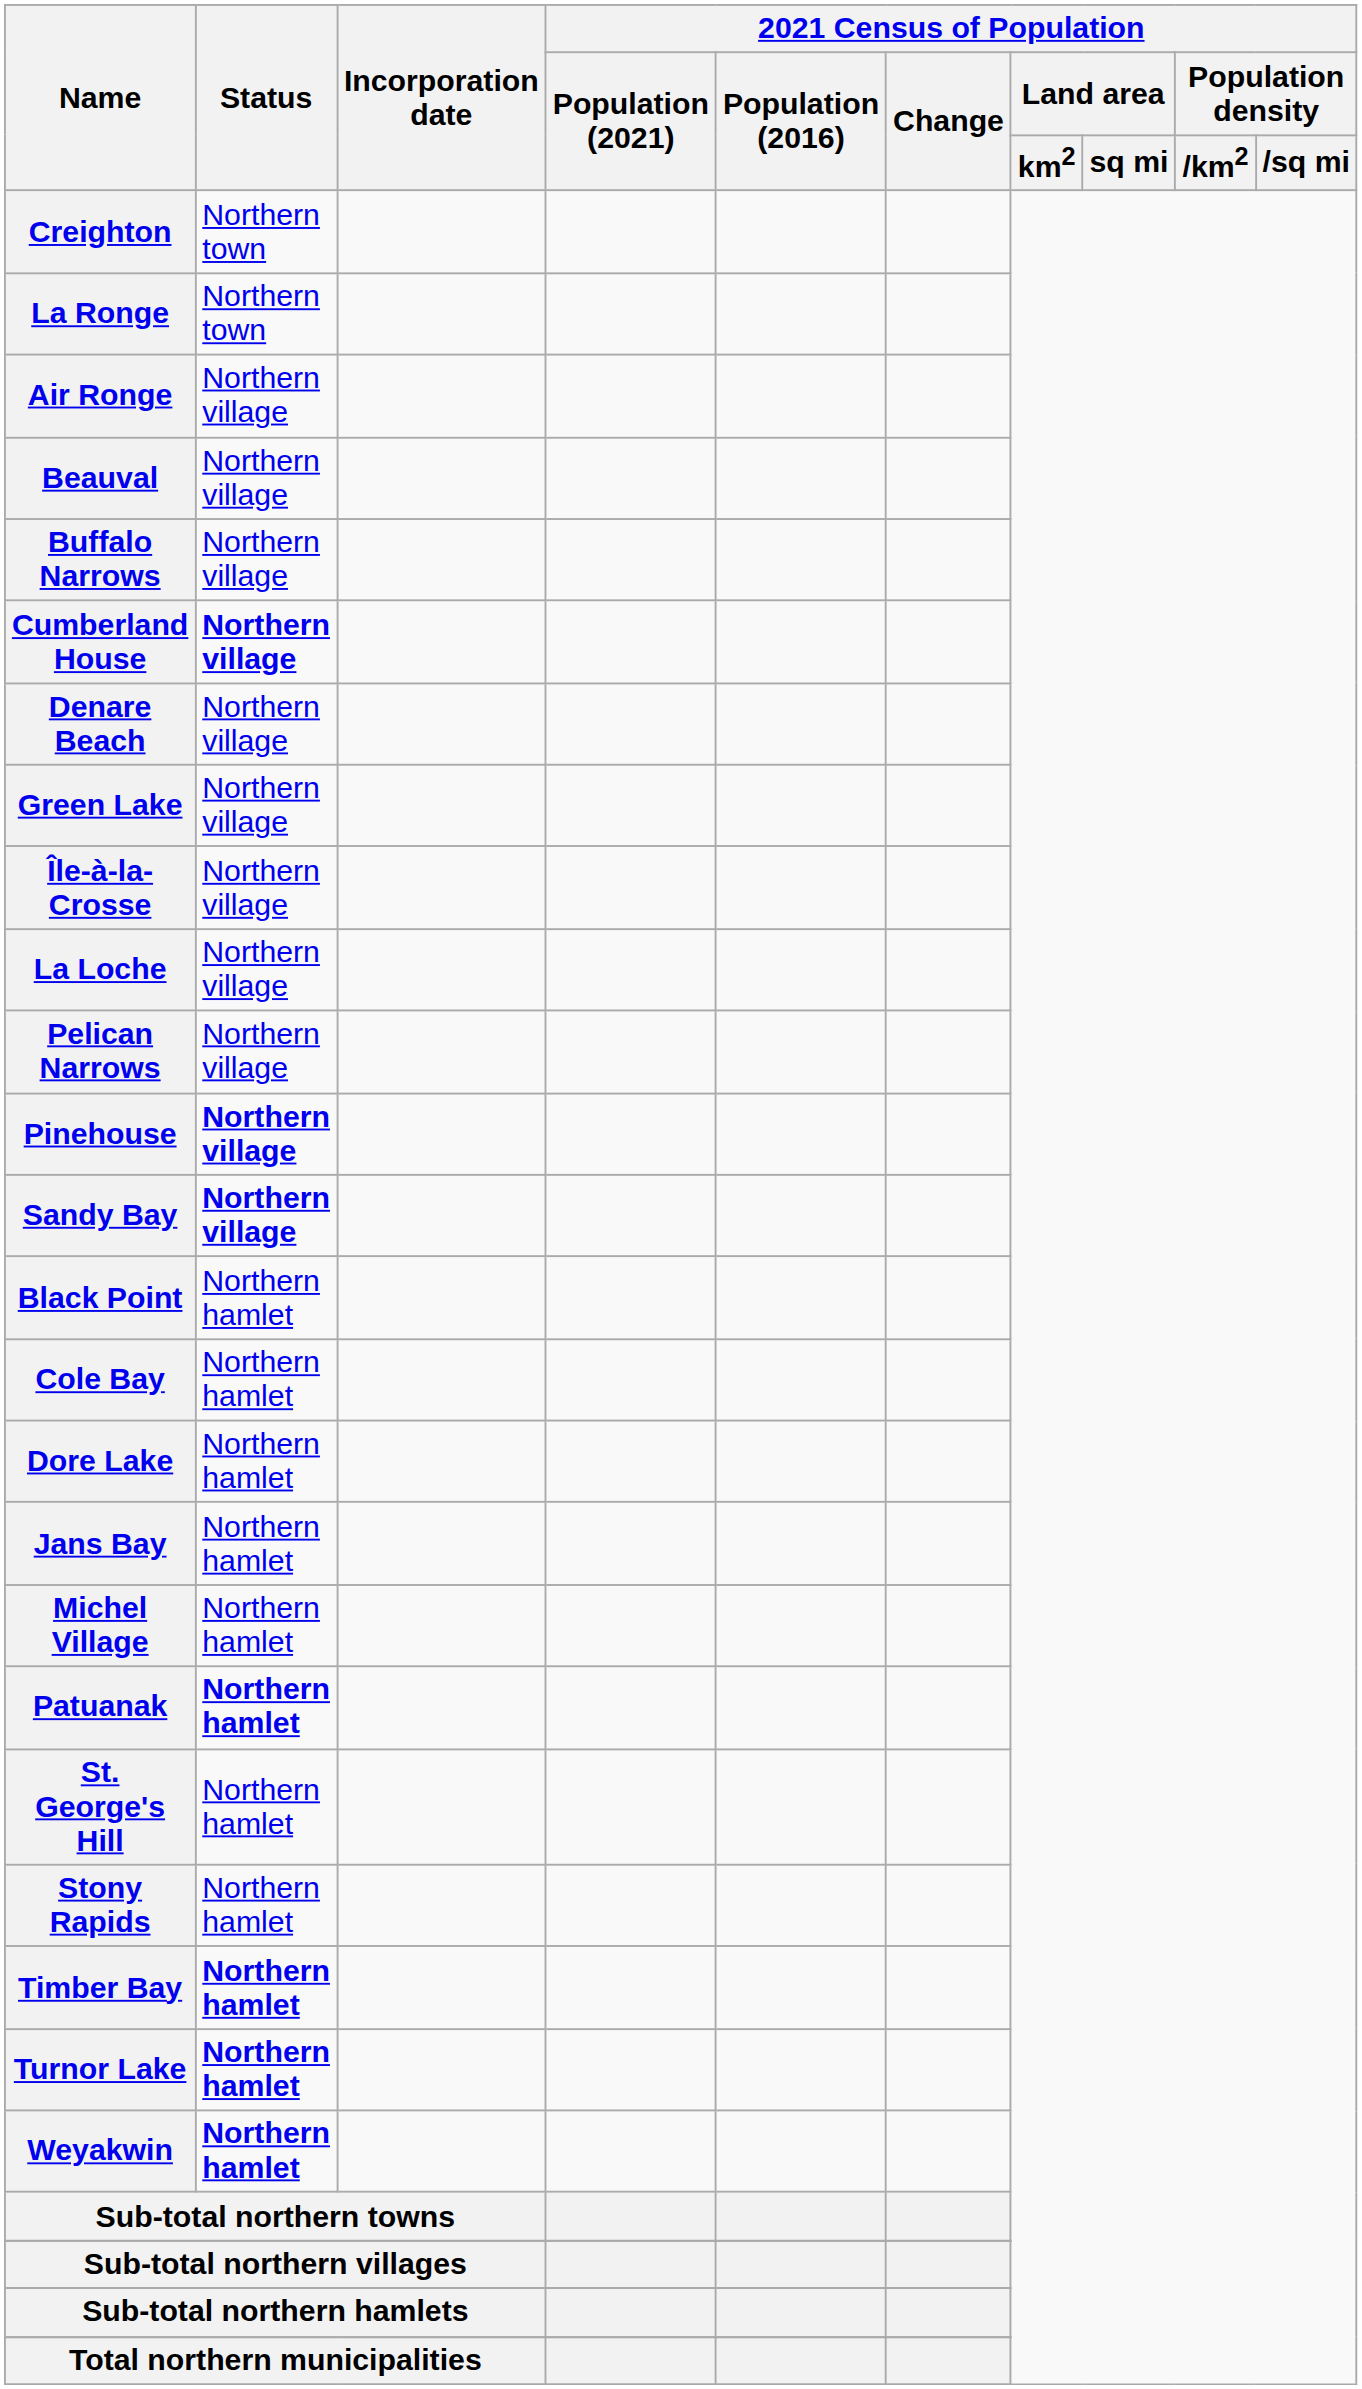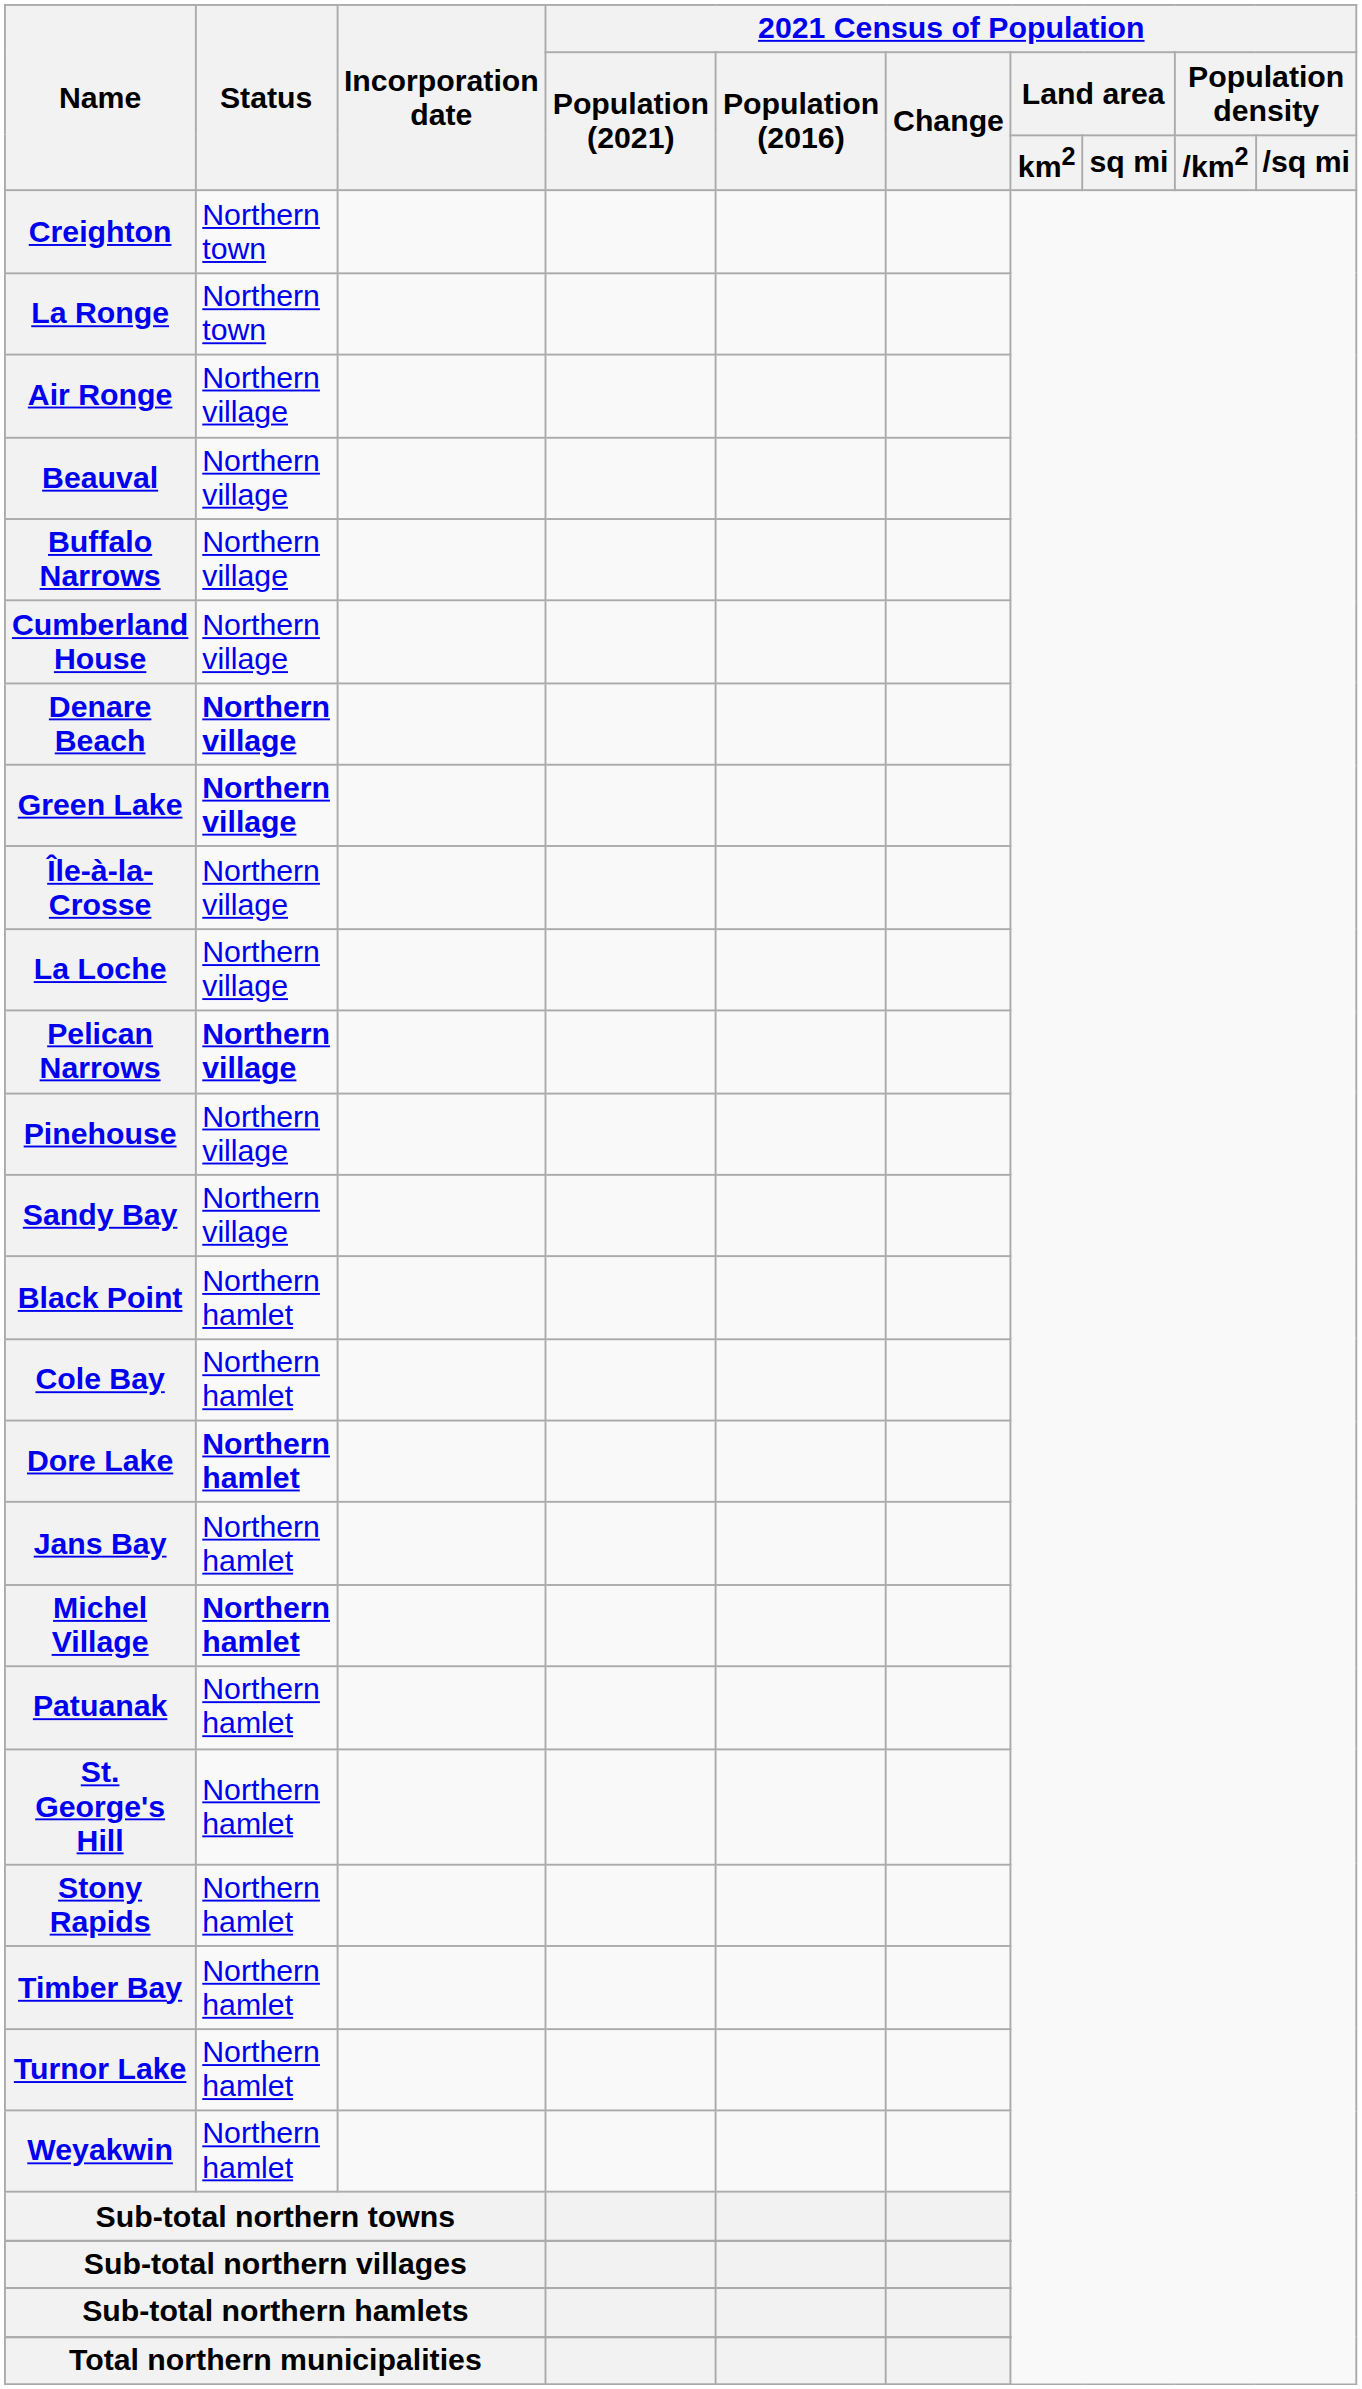 <table class="wikitable sortable sticky-header-multi" style=text-align:center" style="margin:1em auto;">
 <tr>
 <th scope="col" rowspan=3>Name</th>
 <th scope="col" rowspan=3>Status</th>
 <th scope="col" rowspan=3>Incorporation<br>date</th>
 <th scope="colgroup" colspan=7><a href='#'>2021 Census of Population</a></th>
 </tr>
 <tr>
 <th rowspan=2 scope="col" data-sort-type="number">Population<br>(2021)</th>
 <th rowspan=2 scope="col" data-sort-type="number">Population<br>(2016)</th>
 <th rowspan=2 scope="col" data-sort-type="number">Change<br></th>
 <th colspan=2 scope="col">Land area</th>
 <th colspan=2 scope="col">Population density</th>
 </tr>
 <tr>
 <th scope="col" data-sort-type="number">km<sup>2</sup></th>
 <th scope="col" data-sort-type="number">sq mi</th>
 <th scope="col" data-sort-type="number">/km<sup>2</sup></th>
 <th scope="col" data-sort-type="number">/sq mi</th>
 </tr>
 <tr>
 <th scope="row"><a href='#'>Creighton</a></th>
 <td><a href='#'>Northern town</a></td>
 <td align=center></td>
 <td></td>
 <td></td>
 <td></td>
 </tr>
 <tr>
 <th scope="row"><a href='#'>La Ronge</a></th>
 <td><a href='#'>Northern town</a></td>
 <td align=center></td>
 <td></td>
 <td></td>
 <td></td>
 </tr>
 <tr>
 <th scope="row"><a href='#'>Air Ronge</a></th>
 <td><a href='#'>Northern village</a></td>
 <td align=center></td>
 <td></td>
 <td></td>
 <td></td>
 </tr>
 <tr>
 <th scope="row"><a href='#'>Beauval</a></th>
 <td><a href='#'>Northern village</a></td>
 <td align=center></td>
 <td></td>
 <td></td>
 <td></td>
 </tr>
 <tr>
 <th scope="row"><a href='#'>Buffalo Narrows</a></th>
 <td><a href='#'>Northern village</a></td>
 <td align=center></td>
 <td></td>
 <td></td>
 <td></td>
 </tr>
 <tr>
 <th scope="row"><a href='#'>Cumberland House</a></th>
+<td><a href='#'>Northern village</a></td>
+<td align=center></td>
+<td></td>
+<td></td>
+<td></td>
+</tr>
+<tr>
+<th scope="row"><a href='#'>Denare Beach</a></th>
 <td><strong><a href='#'>Northern village</a></strong></td>
 <td align=center></td>
 <td></td>
 <td></td>
 <td></td>
 </tr>
 <tr>
-<th scope="row"><a href='#'>Denare Beach</a></th>
-<td><a href='#'>Northern village</a></td>
-<td align=center></td>
-<td></td>
-<td></td>
-<td></td>
-</tr>
-<tr>
 <th scope="row"><a href='#'>Green Lake</a></th>
-<td><a href='#'>Northern village</a></td>
+<td><strong><a href='#'>Northern village</a></strong></td>
 <td align=center></td>
 <td></td>
 <td></td>
 <td></td>
 </tr>
 <tr>
 <th scope="row"><a href='#'>Île-à-la-Crosse</a></th>
 <td><a href='#'>Northern village</a></td>
 <td align=center></td>
 <td></td>
 <td></td>
 <td></td>
 </tr>
 <tr>
 <th scope="row"><a href='#'>La Loche</a></th>
 <td><a href='#'>Northern village</a></td>
 <td align=center></td>
 <td></td>
 <td></td>
 <td></td>
 </tr>
 <tr>
 <th scope="row"><a href='#'>Pelican Narrows</a></th>
+<td><strong><a href='#'>Northern village</a></strong></td>
+<td align=center></td>
+<td></td>
+<td></td>
+<td></td>
+</tr>
+<tr>
+<th scope="row"><a href='#'>Pinehouse</a></th>
 <td><a href='#'>Northern village</a></td>
 <td align=center></td>
 <td></td>
 <td></td>
 <td></td>
 </tr>
 <tr>
-<th scope="row"><a href='#'>Pinehouse</a></th>
-<td><strong><a href='#'>Northern village</a></strong></td>
-<td align=center></td>
-<td></td>
-<td></td>
-<td></td>
-</tr>
-<tr>
 <th scope="row"><a href='#'>Sandy Bay</a></th>
-<td><strong><a href='#'>Northern village</a></strong></td>
+<td><a href='#'>Northern village</a></td>
 <td align=center></td>
 <td></td>
 <td></td>
 <td></td>
 </tr>
 <tr>
 <th scope="row"><a href='#'>Black Point</a></th>
 <td><a href='#'>Northern hamlet</a></td>
 <td align=center></td>
 <td></td>
 <td></td>
 <td></td>
 </tr>
 <tr>
 <th scope="row"><a href='#'>Cole Bay</a></th>
 <td><a href='#'>Northern hamlet</a></td>
 <td align=center></td>
 <td></td>
 <td></td>
 <td></td>
 </tr>
 <tr>
 <th scope="row"><a href='#'>Dore Lake</a></th>
-<td><a href='#'>Northern hamlet</a></td>
+<td><strong><a href='#'>Northern hamlet</a></strong></td>
 <td align=center></td>
 <td></td>
 <td></td>
 <td></td>
 </tr>
 <tr>
 <th scope="row"><a href='#'>Jans Bay</a></th>
 <td><a href='#'>Northern hamlet</a></td>
 <td align=center></td>
 <td></td>
 <td></td>
 <td></td>
 </tr>
 <tr>
 <th scope="row"><a href='#'>Michel Village</a></th>
-<td><a href='#'>Northern hamlet</a></td>
+<td><strong><a href='#'>Northern hamlet</a></strong></td>
 <td align=center></td>
 <td></td>
 <td></td>
 <td></td>
 </tr>
 <tr>
 <th scope="row"><a href='#'>Patuanak</a></th>
-<td><strong><a href='#'>Northern hamlet</a></strong></td>
+<td><a href='#'>Northern hamlet</a></td>
 <td align=center></td>
 <td></td>
 <td></td>
 <td></td>
 </tr>
 <tr>
 <th scope="row"><a href='#'>St. George's Hill</a></th>
 <td><a href='#'>Northern hamlet</a></td>
 <td align=center></td>
 <td></td>
 <td></td>
 <td></td>
 </tr>
 <tr>
 <th scope="row"><a href='#'>Stony Rapids</a></th>
 <td><a href='#'>Northern hamlet</a></td>
 <td align=center></td>
 <td></td>
 <td></td>
 <td></td>
 </tr>
 <tr>
 <th scope="row"><a href='#'>Timber Bay</a></th>
-<td><strong><a href='#'>Northern hamlet</a></strong></td>
+<td><a href='#'>Northern hamlet</a></td>
 <td align=center></td>
 <td></td>
 <td></td>
 <td></td>
 </tr>
 <tr>
 <th scope="row"><a href='#'>Turnor Lake</a></th>
-<td><strong><a href='#'>Northern hamlet</a></strong></td>
+<td><a href='#'>Northern hamlet</a></td>
 <td align=center></td>
 <td></td>
 <td></td>
 <td></td>
 </tr>
 <tr>
 <th scope="row"><a href='#'>Weyakwin</a></th>
-<td><strong><a href='#'>Northern hamlet</a></strong></td>
+<td><a href='#'>Northern hamlet</a></td>
 <td align=center></td>
 <td></td>
 <td></td>
 <td></td>
 </tr>
 <tr class="sortbottom" align="center" style="background-color:#f2f2f2">
 <th scope="row" style="text-align:center" colspan=3><strong>Sub-total northern towns</strong></th>
 <td></td>
 <td></td>
 <td></td>
 </tr>
 <tr>
 </tr>
 <tr class="sortbottom" align="center" style="background-color:#f2f2f2">
 <th scope="row" style="text-align:center" colspan=3><strong>Sub-total northern villages</strong></th>
 <td></td>
 <td></td>
 <td></td>
 </tr>
 <tr>
 </tr>
 <tr class="sortbottom" align="center" style="background-color:#f2f2f2">
 <th scope="row" style="text-align:center" colspan=3><strong>Sub-total northern hamlets</strong></th>
 <td></td>
 <td></td>
 <td></td>
 </tr>
 <tr>
 </tr>
 <tr class="sortbottom" align="center" style="background-color:#f2f2f2">
 <th scope="row" style="text-align:center" colspan=3><strong>Total northern municipalities</strong></th>
 <td></td>
 <td></td>
 <td></td>
 </tr>
 <tr>
 </tr>
 </table>
